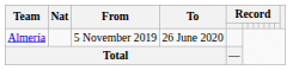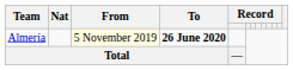 <table class="wikitable" style="text-align: center">
 <tr>
 <th rowspan="2">Team</th>
 <th rowspan="2">Nat</th>
 <th rowspan="2">From</th>
 <th rowspan="2">To</th>
 <th colspan="8">Record</th>
 <th rowspan=2></th>
 </tr>
 <tr>
 <th></th>
 <th></th>
 <th></th>
 <th></th>
 <th></th>
 <th></th>
 <th></th>
 <th></th>
 </tr>
 <tr>
 <td align=left><a href='#'>Almería</a></td>
 <td></td>
-<td align=left>5 November 2019</td>
-<td align=left>26 June 2020<br></td>
+<td align=left style="background: lightyellow;">5 November 2019</td>
+<td align=left><strong>26 June 2020<br></strong></td>
 <td></td>
 </tr>
 <tr>
 <th colspan="4">Total<br></th>
 <th>—</th>
 </tr>
 </table>
